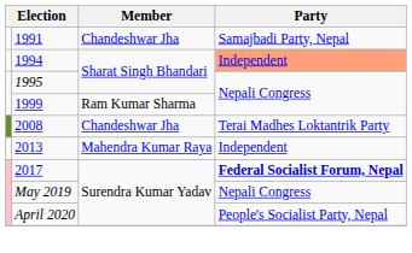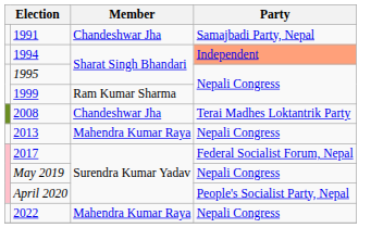 <table class="wikitable">
 <tr>
 <th colspan="2">Election</th>
 <th>Member</th>
 <th>Party</th>
 </tr>
 <tr>
 <td style="background-color:"></td>
 <td><a href='#'>1991</a></td>
 <td><a href='#'>Chandeshwar Jha</a></td>
 <td><a href='#'>Samajbadi Party, Nepal</a></td>
 </tr>
 <tr>
 <td style="background-color:"></td>
 <td><a href='#'>1994</a></td>
 <td rowspan="2"><a href='#'>Sharat Singh Bhandari</a></td>
 <td style="background: lightsalmon;"><a href='#'>Independent</a></td>
 </tr>
 <tr>
 <td rowspan="2" style="background-color:"></td>
 <td><em>1995</em></td>
 <td rowspan="2"><a href='#'>Nepali Congress</a></td>
 </tr>
 <tr>
 <td><a href='#'>1999</a></td>
 <td>Ram Kumar Sharma</td>
 </tr>
 <tr>
 <td style="background-color:olivedrab"></td>
 <td><a href='#'>2008</a></td>
 <td><a href='#'>Chandeshwar Jha</a></td>
 <td><a href='#'>Terai Madhes Loktantrik Party</a></td>
 </tr>
 <tr>
 <td style="background-color:"></td>
 <td><a href='#'>2013</a></td>
 <td><a href='#'>Mahendra Kumar Raya</a></td>
-<td><a href='#'>Independent</a></td>
+<td><a href='#'>Nepali Congress</a></td>
 </tr>
 <tr>
 <td rowspan="3" style="background-color:pink"></td>
 <td><a href='#'>2017</a></td>
 <td rowspan="3">Surendra Kumar Yadav</td>
-<td><strong><a href='#'>Federal Socialist Forum, Nepal</a></strong></td>
+<td><a href='#'>Federal Socialist Forum, Nepal</a></td>
 </tr>
 <tr>
 <td><em>May 2019</em></td>
 <td><a href='#'>Nepali Congress</a></td>
 </tr>
 <tr>
 <td><em>April 2020</em></td>
 <td><a href='#'>People's Socialist Party, Nepal</a></td>
 </tr>
 <tr>
+<td style="background-color:"></td>
+<td><a href='#'>2022</a></td>
+<td><a href='#'>Mahendra Kumar Raya</a></td>
+<td><a href='#'>Nepali Congress</a></td>
+</tr>
+<tr>
 </tr>
 </table>
